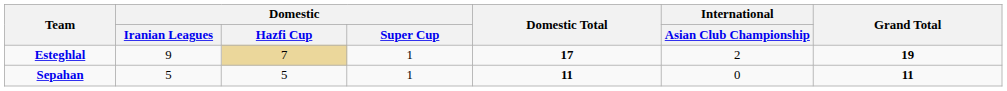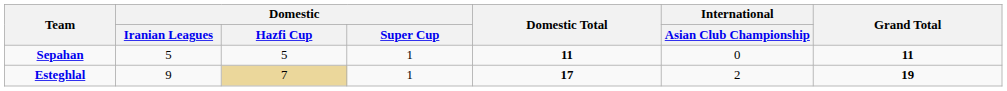 <table class="wikitable" style="text-align:center;">
 <tr>
 <th rowspan=2 width=5% class="wikitable sortable">Team</th>
 <th colspan="3" width="20%" class="unsortable">Domestic</th>
 <th rowspan=2 width=9% class="sortable">Domestic Total</th>
 <th>International</th>
 <th rowspan=2 width=9% class="sortable">Grand Total</th>
 </tr>
 <tr>
 <th width=5% class="sortable"><a href='#'>Iranian Leagues</a></th>
 <th width=6% class="sortable"><a href='#'>Hazfi Cup</a></th>
 <th width=6% class="sortable"><a href='#'>Super Cup</a></th>
 <th width=6% class="sortable"><a href='#'>Asian Club Championship</a></th>
 </tr>
 <tr>
+<td><strong><a href='#'>Sepahan</a></strong></td>
+<td>5</td>
+<td>5</td>
+<td>1</td>
+<td><strong>11</strong></td>
+<td>0</td>
+<td><strong>11</strong></td>
+</tr>
+<tr>
 <td><strong><a href='#'>Esteghlal</a></strong></td>
 <td>9</td>
 <td style=background:#EBD79B>7</td>
 <td>1</td>
 <td><strong>17</strong></td>
 <td>2</td>
 <td><strong>19</strong></td>
 </tr>
-<tr>
-<td><strong><a href='#'>Sepahan</a></strong></td>
-<td>5</td>
-<td>5</td>
-<td>1</td>
-<td><strong>11</strong></td>
-<td>0</td>
-<td><strong>11</strong></td>
-</tr>
 </table>
